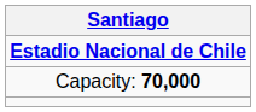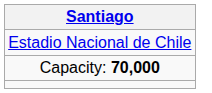 <table class="wikitable" style="text-align:center">
 <tr>
 <th><a href='#'>Santiago</a></th>
 </tr>
 <tr>
-<td><strong><a href='#'>Estadio Nacional de Chile</a></strong></td>
+<td><a href='#'>Estadio Nacional de Chile</a></td>
 </tr>
 <tr>
 <td>Capacity: <strong>70,000</strong></td>
 </tr>
 <tr>
 <td></td>
 </tr>
 </table>
